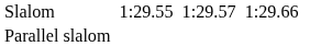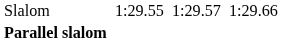 <table>
 <tr>
 <td>Slalom</td>
 <td></td>
 <td>1:29.55</td>
 <td></td>
 <td>1:29.57</td>
 <td></td>
 <td>1:29.66</td>
 </tr>
 <tr>
-<td>Parallel slalom</td>
+<td><strong>Parallel slalom</strong></td>
 <td colspan=2></td>
 <td colspan=2></td>
 <td colspan=2></td>
 </tr>
 </table>
